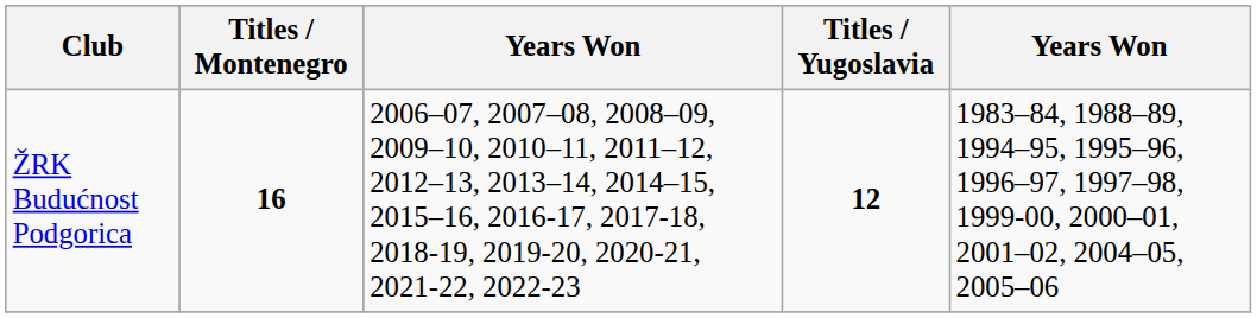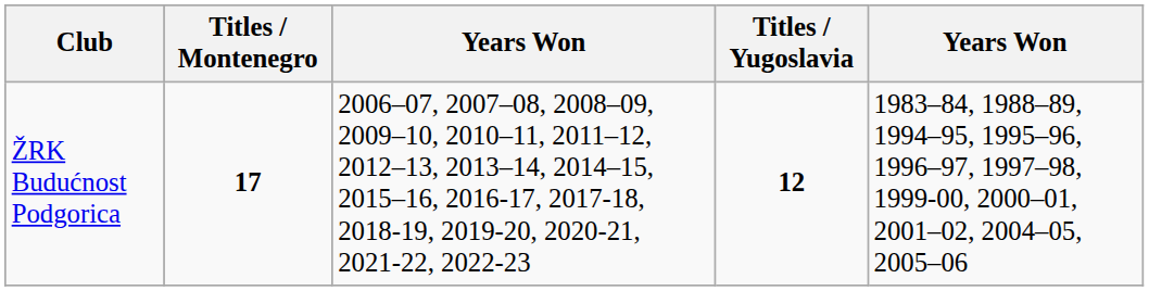 <table class="wikitable" style="font-size:90%">
 <tr>
 <th>Club</th>
 <th>Titles / Montenegro</th>
 <th>Years Won</th>
 <th>Titles / Yugoslavia</th>
 <th>Years Won</th>
 </tr>
 <tr>
 <td><a href='#'>ŽRK Budućnost Podgorica</a></td>
-<td align="center"><strong>16</strong></td>
+<td align="center"><strong>17</strong></td>
 <td>2006–07, 2007–08, 2008–09, 2009–10, 2010–11, 2011–12, 2012–13, 2013–14, 2014–15, 2015–16, 2016-17, 2017-18, 2018-19, 2019-20, 2020-21, 2021-22, 2022-23</td>
 <td align="center"><strong>12</strong></td>
 <td>1983–84, 1988–89, 1994–95, 1995–96, 1996–97, 1997–98, 1999-00, 2000–01, 2001–02, 2004–05, 2005–06</td>
 </tr>
 </table>
